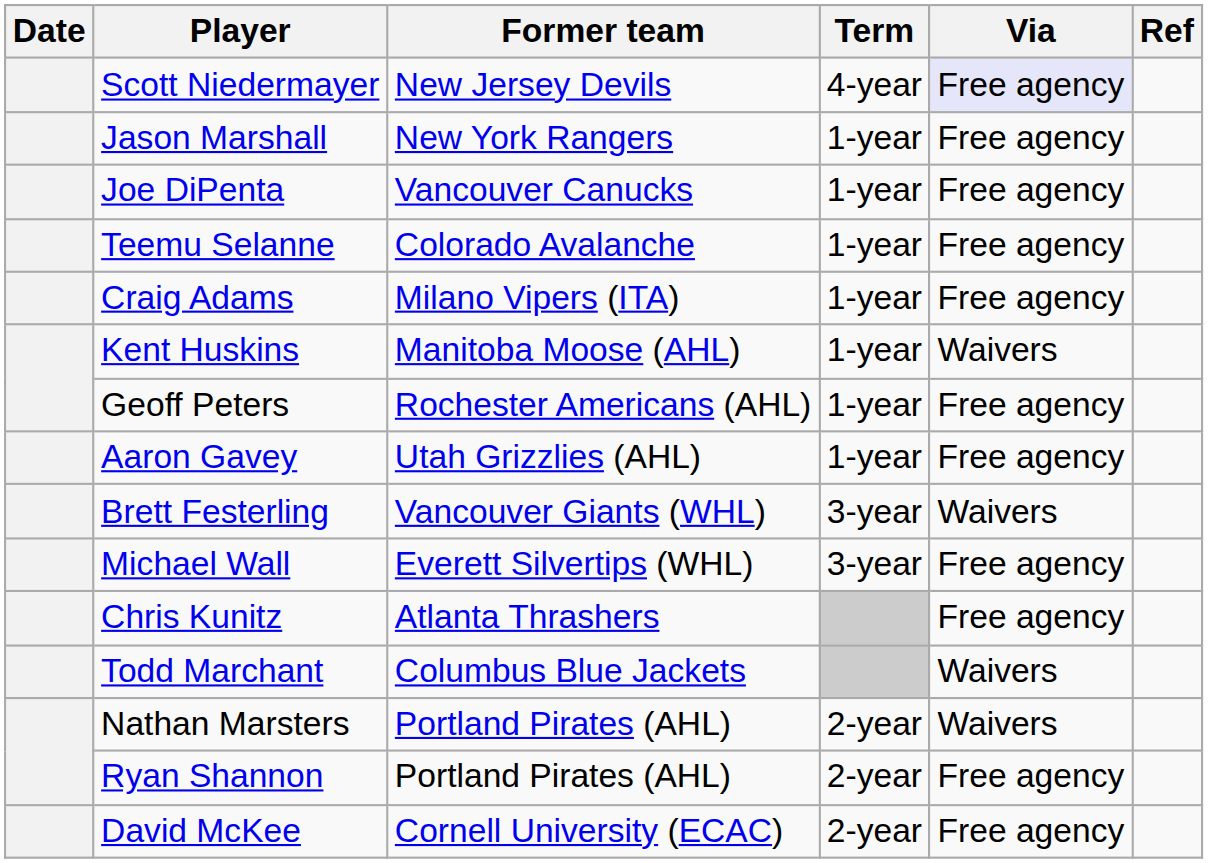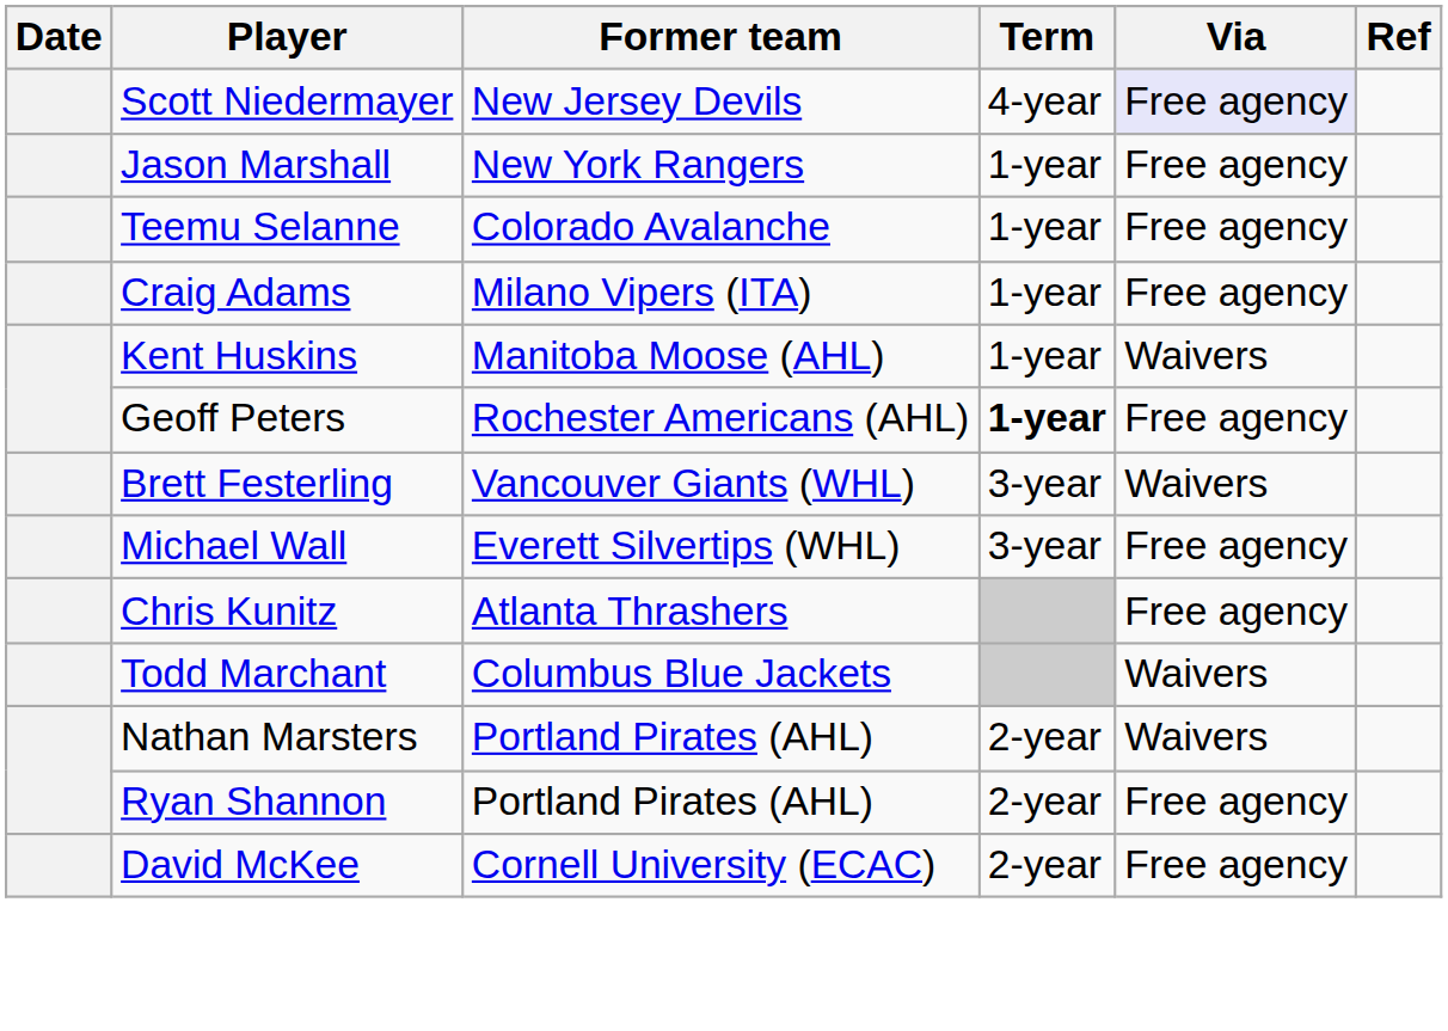 <table class="wikitable plainrowheaders">
 <tr style="background:#ddd; text-align:center;">
 <th>Date</th>
 <th>Player</th>
 <th>Former team</th>
 <th>Term</th>
 <th>Via</th>
 <th>Ref</th>
 </tr>
 <tr>
 <th scope="row"></th>
 <td><a href='#'>Scott Niedermayer</a></td>
 <td><a href='#'>New Jersey Devils</a></td>
 <td>4-year</td>
 <td style="background: lavender;">Free agency</td>
 <td></td>
 </tr>
 <tr>
 <th scope="row"></th>
 <td><a href='#'>Jason Marshall</a></td>
 <td><a href='#'>New York Rangers</a></td>
-<td>1-year</td>
-<td>Free agency</td>
-<td></td>
-</tr>
-<tr>
-<th scope="row"></th>
-<td><a href='#'>Joe DiPenta</a></td>
-<td><a href='#'>Vancouver Canucks</a></td>
 <td>1-year</td>
 <td>Free agency</td>
 <td></td>
 </tr>
 <tr>
 <th scope="row"></th>
 <td><a href='#'>Teemu Selanne</a></td>
 <td><a href='#'>Colorado Avalanche</a></td>
 <td>1-year</td>
 <td>Free agency</td>
 <td></td>
 </tr>
 <tr>
 <th scope="row"></th>
 <td><a href='#'>Craig Adams</a></td>
 <td><a href='#'>Milano Vipers</a> (<a href='#'>ITA</a>)</td>
 <td>1-year</td>
 <td>Free agency</td>
 <td></td>
 </tr>
 <tr>
 <th scope="row" rowspan=2></th>
 <td><a href='#'>Kent Huskins</a></td>
 <td><a href='#'>Manitoba Moose</a> (<a href='#'>AHL</a>)</td>
 <td>1-year</td>
 <td>Waivers</td>
 <td></td>
 </tr>
 <tr>
 <td>Geoff Peters</td>
 <td><a href='#'>Rochester Americans</a> (AHL)</td>
-<td>1-year</td>
-<td>Free agency</td>
-<td></td>
-</tr>
-<tr>
-<th scope="row"></th>
-<td><a href='#'>Aaron Gavey</a></td>
-<td><a href='#'>Utah Grizzlies</a> (AHL)</td>
-<td>1-year</td>
+<td><strong>1-year</strong></td>
 <td>Free agency</td>
 <td></td>
 </tr>
 <tr>
 <th scope="row"></th>
 <td><a href='#'>Brett Festerling</a></td>
 <td><a href='#'>Vancouver Giants</a> (<a href='#'>WHL</a>)</td>
 <td>3-year</td>
 <td>Waivers</td>
 <td></td>
 </tr>
 <tr>
 <th scope="row"></th>
 <td><a href='#'>Michael Wall</a></td>
 <td><a href='#'>Everett Silvertips</a> (WHL)</td>
 <td>3-year</td>
 <td>Free agency</td>
 <td></td>
 </tr>
 <tr>
 <th scope="row"></th>
 <td><a href='#'>Chris Kunitz</a></td>
 <td><a href='#'>Atlanta Thrashers</a></td>
 <td style="background:#ccc"></td>
 <td>Free agency</td>
 <td></td>
 </tr>
 <tr>
 <th scope="row"></th>
 <td><a href='#'>Todd Marchant</a></td>
 <td><a href='#'>Columbus Blue Jackets</a></td>
 <td style="background:#ccc"></td>
 <td>Waivers</td>
 <td></td>
 </tr>
 <tr>
 <th scope="row" rowspan=2></th>
 <td>Nathan Marsters</td>
 <td><a href='#'>Portland Pirates</a> (AHL)</td>
 <td>2-year</td>
 <td>Waivers</td>
 <td></td>
 </tr>
 <tr>
 <td><a href='#'>Ryan Shannon</a></td>
 <td>Portland Pirates (AHL)</td>
 <td>2-year</td>
 <td>Free agency</td>
 <td></td>
 </tr>
 <tr>
 <th scope="row"></th>
 <td><a href='#'>David McKee</a></td>
 <td><a href='#'>Cornell University</a> (<a href='#'>ECAC</a>)</td>
 <td>2-year</td>
 <td>Free agency</td>
 <td></td>
 </tr>
 </table>
